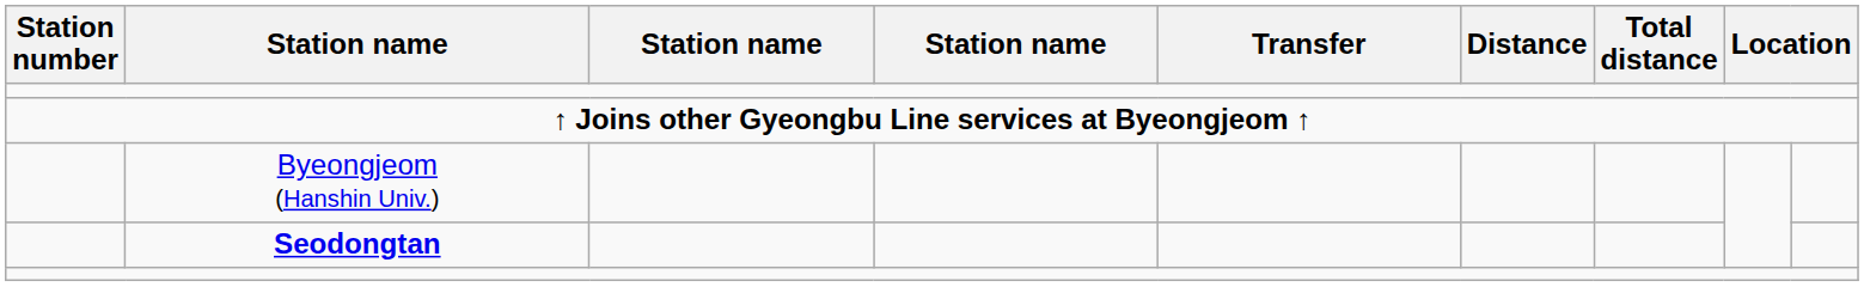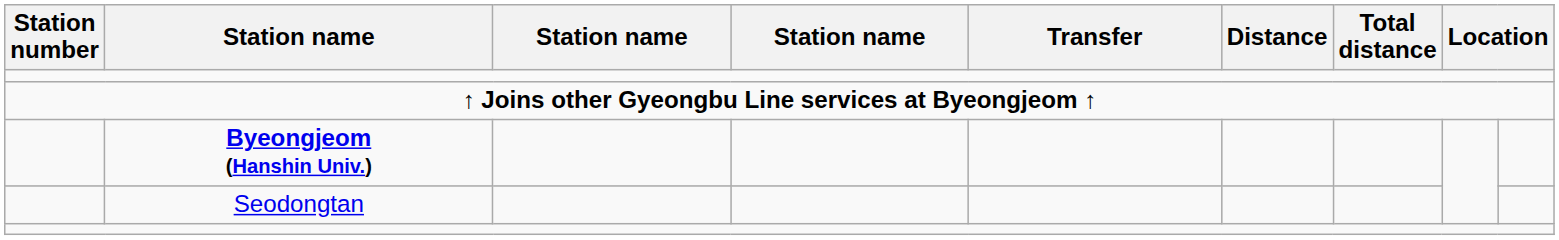 <table class="wikitable" style="text-align:center;">
 <tr>
 <th>Station<br>number</th>
 <th width="250">Station name<br></th>
 <th width="150">Station name<br></th>
 <th width="150">Station name<br></th>
 <th width="160">Transfer</th>
 <th>Distance<br></th>
 <th>Total<br>distance</th>
 <th colspan = "2">Location</th>
 </tr>
 <tr style="background:#">
 <td colspan = "9"></td>
 </tr>
 <tr>
 <td colspan = "9"><strong>↑ Joins other Gyeongbu Line services at Byeongjeom ↑</strong></td>
 </tr>
 <tr>
 <td></td>
-<td><a href='#'>Byeongjeom</a> <br><small>(<a href='#'>Hanshin Univ.</a>)</small></td>
+<td><strong><a href='#'>Byeongjeom</a> <br><small>(<a href='#'>Hanshin Univ.</a>)</small></strong></td>
 <td></td>
 <td></td>
 <td> <small></small></td>
 <td></td>
 <td></td>
 <td rowspan = "2"></td>
 <td></td>
 </tr>
 <tr>
 <td></td>
-<td><strong><a href='#'>Seodongtan</a></strong></td>
+<td><a href='#'>Seodongtan</a></td>
 <td></td>
 <td></td>
 <td></td>
 <td></td>
 <td></td>
 <td></td>
 </tr>
 <tr style="background:#">
 <td colspan = "9"></td>
 </tr>
 </table>
